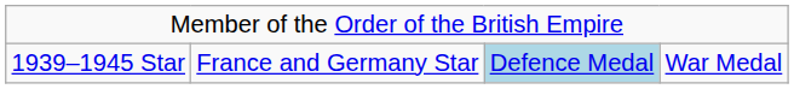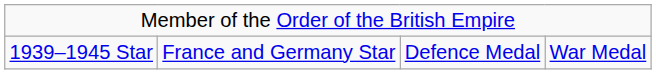 <table class="wikitable" style="margin:1em auto; text-align:center;">
 <tr>
 <td colspan=4>Member of the <a href='#'>Order of the British Empire</a></td>
 </tr>
 <tr>
 <td><a href='#'>1939–1945 Star</a></td>
 <td><a href='#'>France and Germany Star</a></td>
-<td style="background: lightblue;"><a href='#'>Defence Medal</a></td>
+<td><a href='#'>Defence Medal</a></td>
 <td><a href='#'>War Medal</a></td>
 </tr>
 </table>
